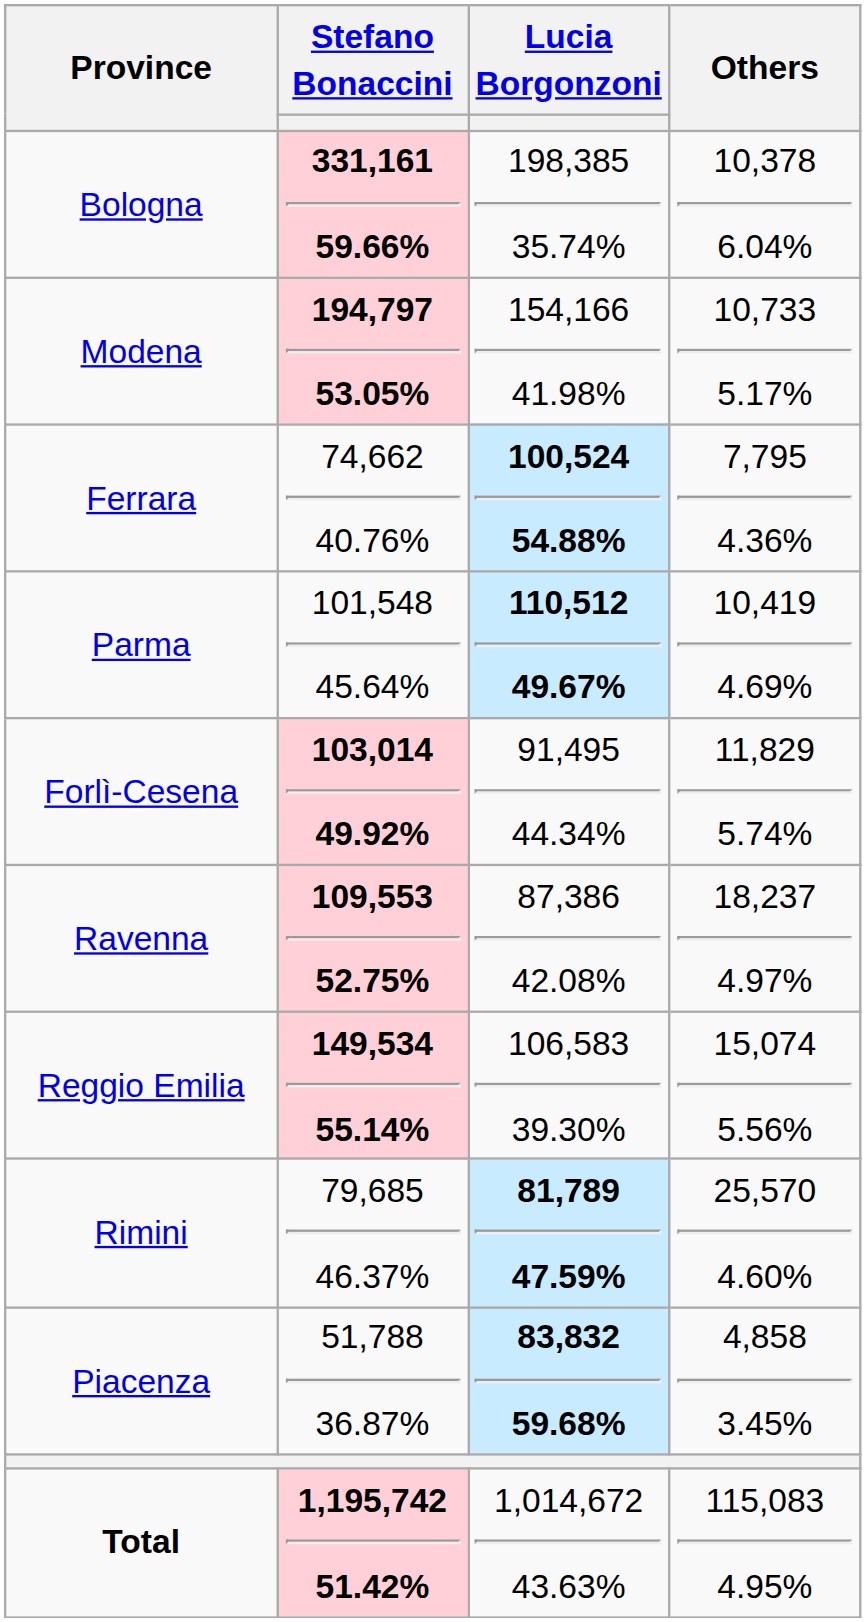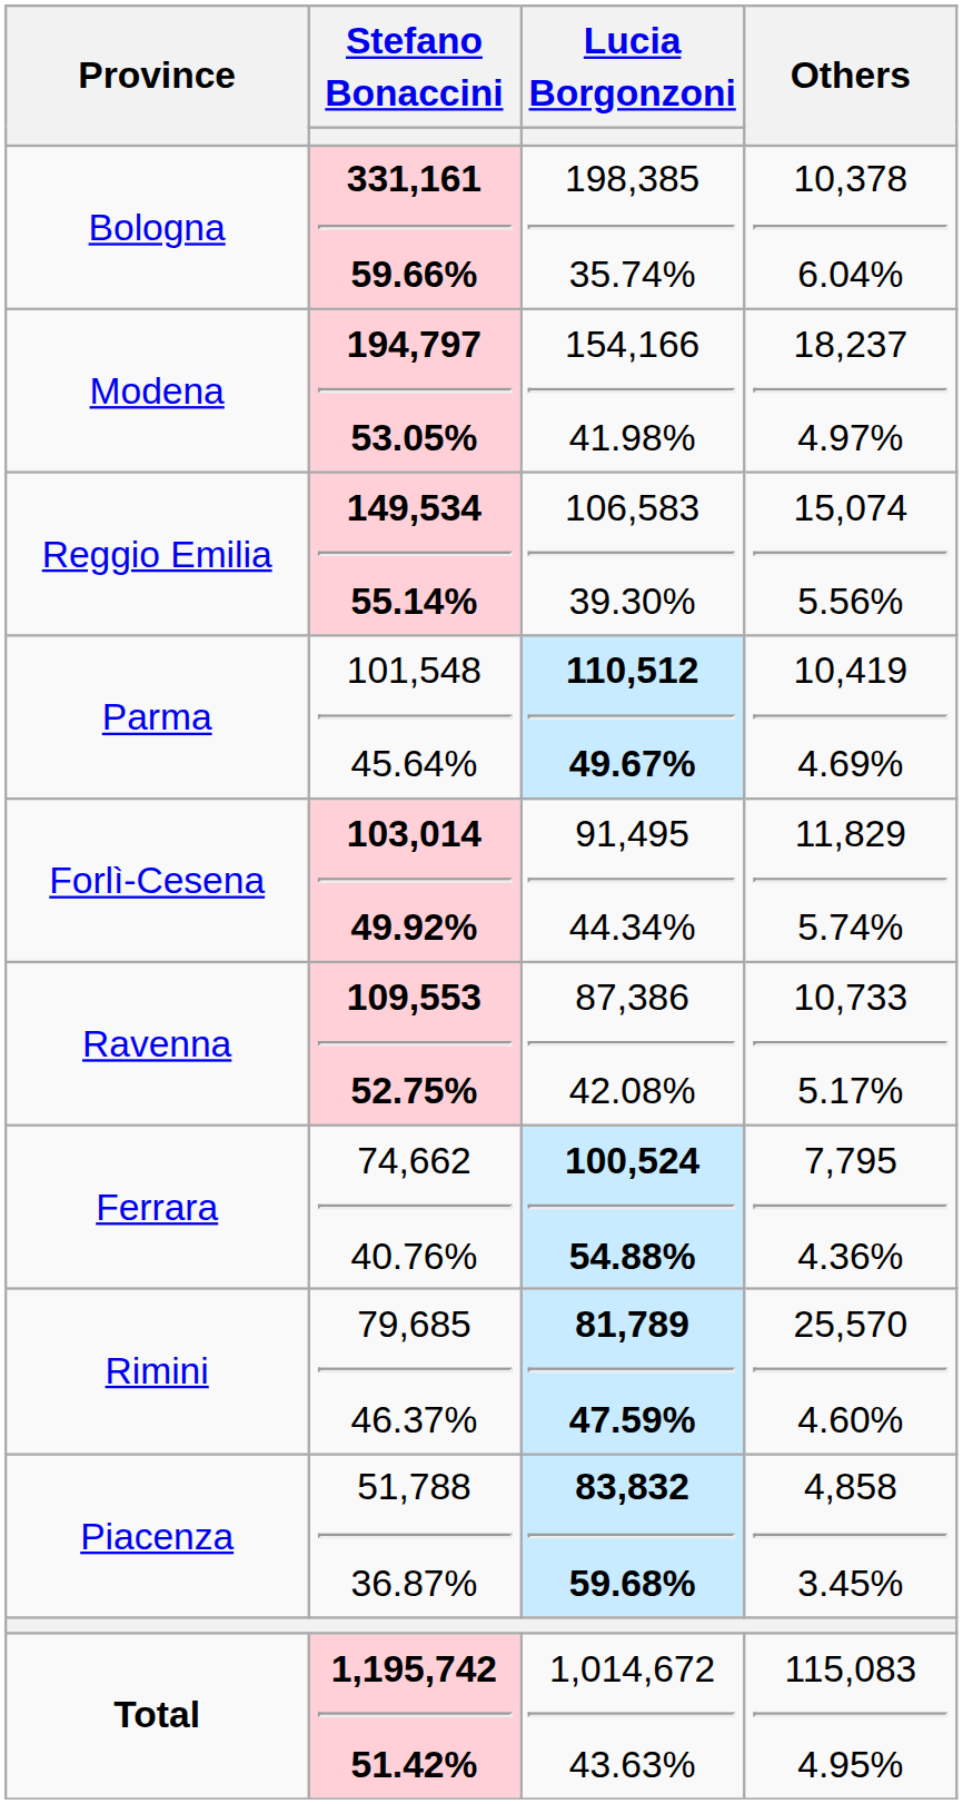 <table class="wikitable" style="text-align:center;font-size:90%;line-height:20px">
 <tr style="height:30px; background-color:#E9E9E9">
 <th style="width:110px;" rowspan="2">Province</th>
 <th style="width:75px;"><a href='#'>Stefano Bonaccini</a></th>
 <th style="width:75px;"><a href='#'>Lucia Borgonzoni</a></th>
 <th rowspan="2" style="width:75px;">Others</th>
 </tr>
 <tr>
 <th style="background:"></th>
 <th style="background:"></th>
 </tr>
 <tr>
 <td><a href='#'>Bologna</a></td>
 <td style="background:#FFD0D7"><strong>331,161 <hr>59.66%</strong></td>
 <td>198,385 <hr>35.74%</td>
 <td>10,378 <hr>6.04%</td>
 </tr>
 <tr>
 <td><a href='#'>Modena</a></td>
 <td style="background:#FFD0D7"><strong>194,797 <hr>53.05%</strong></td>
 <td>154,166 <hr>41.98%</td>
-<td>10,733 <hr>5.17%</td>
+<td>18,237 <hr>4.97%</td>
 </tr>
 <tr>
-<td><a href='#'>Ferrara</a></td>
-<td>74,662 <hr>40.76%</td>
-<td style="background:#C8EBFF"><strong>100,524 <hr>54.88%</strong></td>
-<td>7,795 <hr>4.36%</td>
+<td><a href='#'>Reggio Emilia</a></td>
+<td style="background:#FFD0D7"><strong>149,534 <hr>55.14%</strong></td>
+<td>106,583 <hr>39.30%</td>
+<td>15,074 <hr>5.56%</td>
 </tr>
 <tr>
 <td><a href='#'>Parma</a></td>
 <td>101,548 <hr>45.64%</td>
 <td style="background:#C8EBFF"><strong>110,512 <hr>49.67%</strong></td>
 <td>10,419 <hr>4.69%</td>
 </tr>
 <tr>
 <td><a href='#'>Forlì-Cesena</a></td>
 <td style="background:#FFD0D7"><strong>103,014<hr>49.92%</strong></td>
 <td>91,495 <hr>44.34%</td>
 <td>11,829 <hr>5.74%</td>
 </tr>
 <tr>
 <td><a href='#'>Ravenna</a></td>
 <td style="background:#FFD0D7"><strong>109,553<hr>52.75%</strong></td>
 <td>87,386 <hr>42.08%</td>
-<td>18,237 <hr>4.97%</td>
+<td>10,733 <hr>5.17%</td>
 </tr>
 <tr>
-<td><a href='#'>Reggio Emilia</a></td>
-<td style="background:#FFD0D7"><strong>149,534 <hr>55.14%</strong></td>
-<td>106,583 <hr>39.30%</td>
-<td>15,074 <hr>5.56%</td>
+<td><a href='#'>Ferrara</a></td>
+<td>74,662 <hr>40.76%</td>
+<td style="background:#C8EBFF"><strong>100,524 <hr>54.88%</strong></td>
+<td>7,795 <hr>4.36%</td>
 </tr>
 <tr>
 <td><a href='#'>Rimini</a></td>
 <td>79,685 <hr>46.37%</td>
 <td style="background:#C8EBFF"><strong>81,789 <hr>47.59%</strong></td>
 <td>25,570 <hr>4.60%</td>
 </tr>
 <tr>
 <td><a href='#'>Piacenza</a></td>
 <td>51,788 <hr>36.87%</td>
 <td style="background:#C8EBFF"><strong>83,832 <hr>59.68%</strong></td>
 <td>4,858 <hr>3.45%</td>
 </tr>
 <tr>
 <th colspan=4></th>
 </tr>
 <tr>
 <td><strong>Total</strong></td>
 <td style="background:#FFD0D7"><strong>1,195,742<hr>51.42%</strong></td>
 <td>1,014,672 <hr>43.63%</td>
 <td>115,083 <hr>4.95%</td>
 </tr>
 </table>
